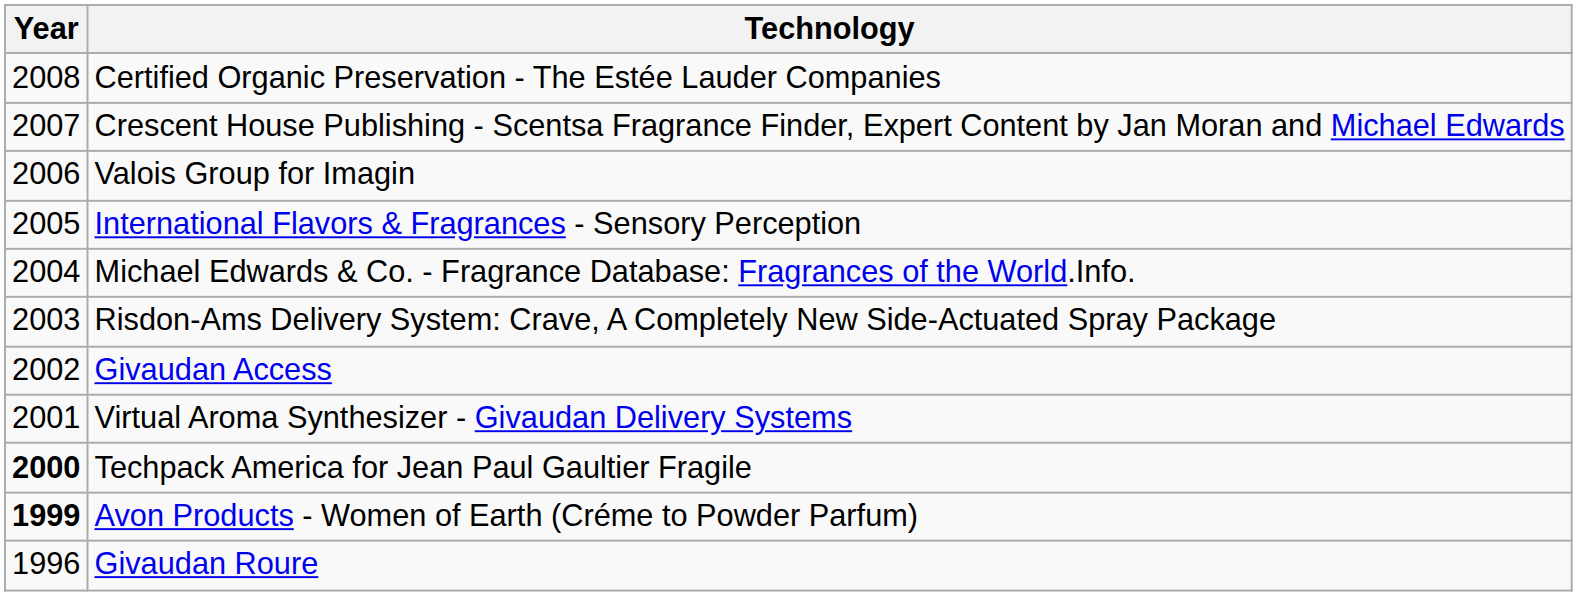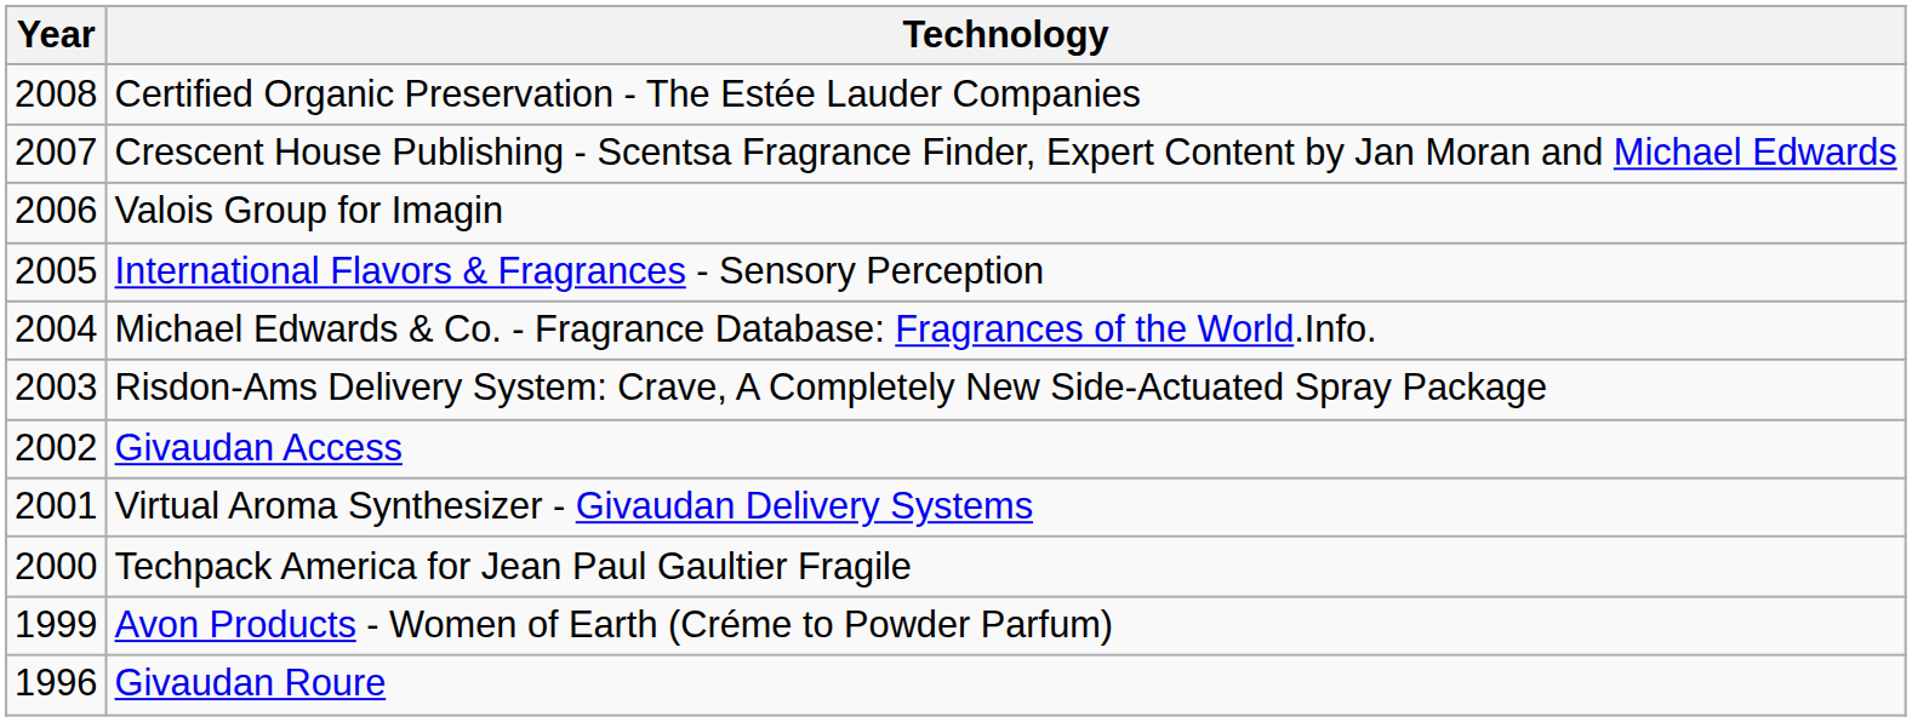 <table class="wikitable sortable">
 <tr>
 <th>Year</th>
 <th>Technology</th>
 </tr>
 <tr>
 <td>2008</td>
 <td>Certified Organic Preservation - The Estée Lauder Companies</td>
 </tr>
 <tr>
 <td>2007</td>
 <td>Crescent House Publishing - Scentsa Fragrance Finder, Expert Content by Jan Moran and <a href='#'>Michael Edwards</a></td>
 </tr>
 <tr>
 <td>2006</td>
 <td>Valois Group for Imagin</td>
 </tr>
 <tr>
 <td>2005</td>
 <td><a href='#'>International Flavors & Fragrances</a> - Sensory Perception</td>
 </tr>
 <tr>
 <td>2004</td>
 <td>Michael Edwards & Co. - Fragrance Database: <a href='#'>Fragrances of the World</a>.Info.</td>
 </tr>
 <tr>
 <td>2003</td>
 <td>Risdon-Ams Delivery System: Crave, A Completely New Side-Actuated Spray Package</td>
 </tr>
 <tr>
 <td>2002</td>
 <td><a href='#'> Givaudan Access</a></td>
 </tr>
 <tr>
 <td>2001</td>
 <td>Virtual Aroma Synthesizer - <a href='#'> Givaudan Delivery Systems</a></td>
 </tr>
 <tr>
-<td><strong>2000</strong></td>
+<td>2000</td>
 <td>Techpack America for Jean Paul Gaultier Fragile</td>
 </tr>
 <tr>
-<td><strong>1999</strong></td>
+<td>1999</td>
 <td><a href='#'>Avon Products</a> - Women of Earth (Créme to Powder Parfum)</td>
 </tr>
 <tr>
 <td>1996</td>
 <td><a href='#'> Givaudan Roure</a></td>
 </tr>
 </table>
